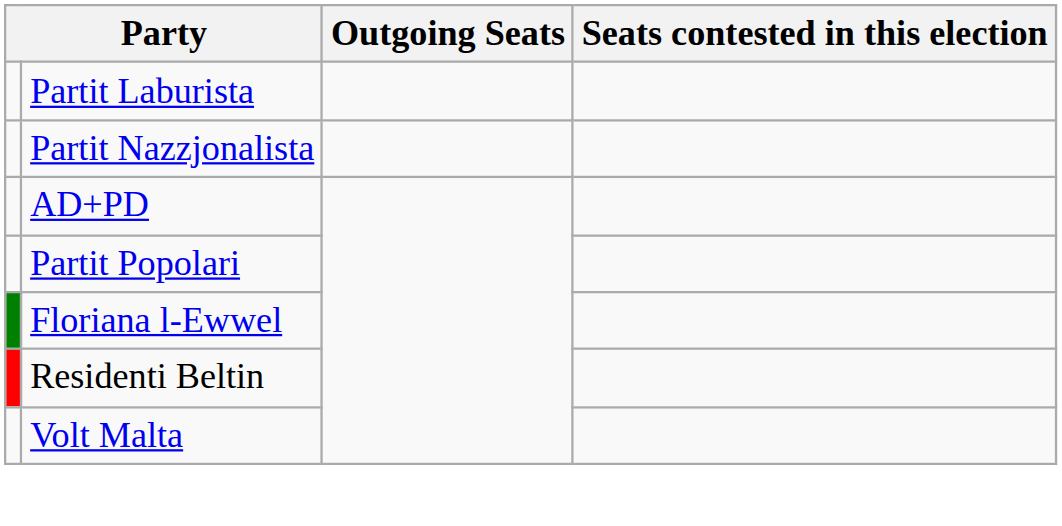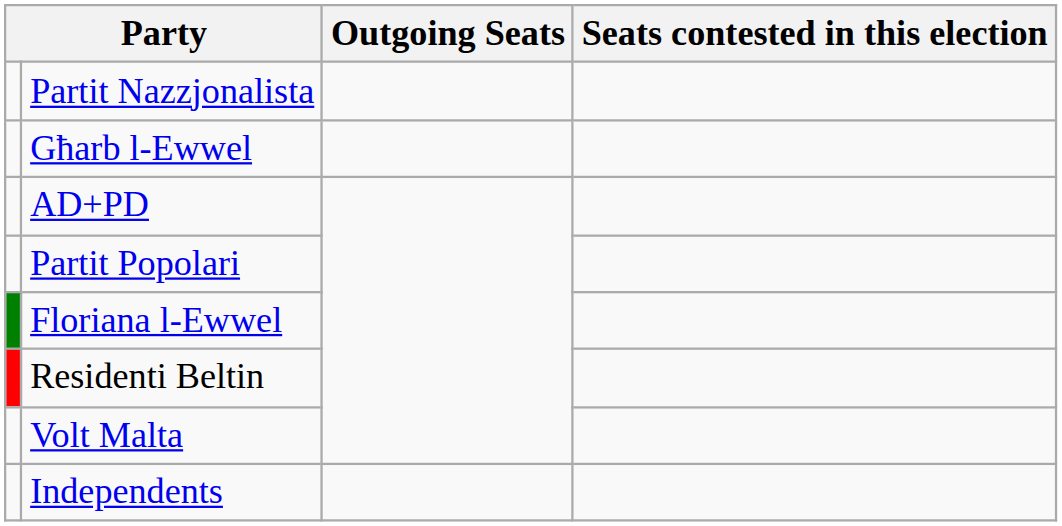 <table class="wikitable">
 <tr>
 <th colspan="2">Party</th>
 <th>Outgoing Seats</th>
 <th>Seats contested in this election</th>
 </tr>
 <tr>
 <td style="background:"></td>
-<td><a href='#'>Partit Laburista</a></td>
+<td><a href='#'>Partit Nazzjonalista</a></td>
 <td></td>
 <td></td>
 </tr>
 <tr>
 <td style="background:"></td>
-<td><a href='#'>Partit Nazzjonalista</a></td>
+<td><a href='#'>Għarb l-Ewwel</a></td>
 <td></td>
 <td></td>
 </tr>
 <tr>
 <td style="background:"></td>
 <td><a href='#'>AD+PD</a></td>
 <td rowspan="5"></td>
 <td></td>
 </tr>
 <tr>
 <td style="background:"></td>
 <td><a href='#'>Partit Popolari</a></td>
 <td></td>
 </tr>
 <tr>
 <td style="background:green"></td>
 <td><a href='#'>Floriana l-Ewwel</a></td>
 <td></td>
 </tr>
 <tr>
 <td style="background:red"></td>
 <td>Residenti Beltin</td>
 <td></td>
 </tr>
 <tr>
 <td style="background:"></td>
 <td><a href='#'>Volt Malta</a></td>
 <td></td>
 </tr>
+<tr>
+<td style="background:"></td>
+<td><a href='#'>Independents</a></td>
+<td></td>
+<td></td>
+</tr>
 </table>
